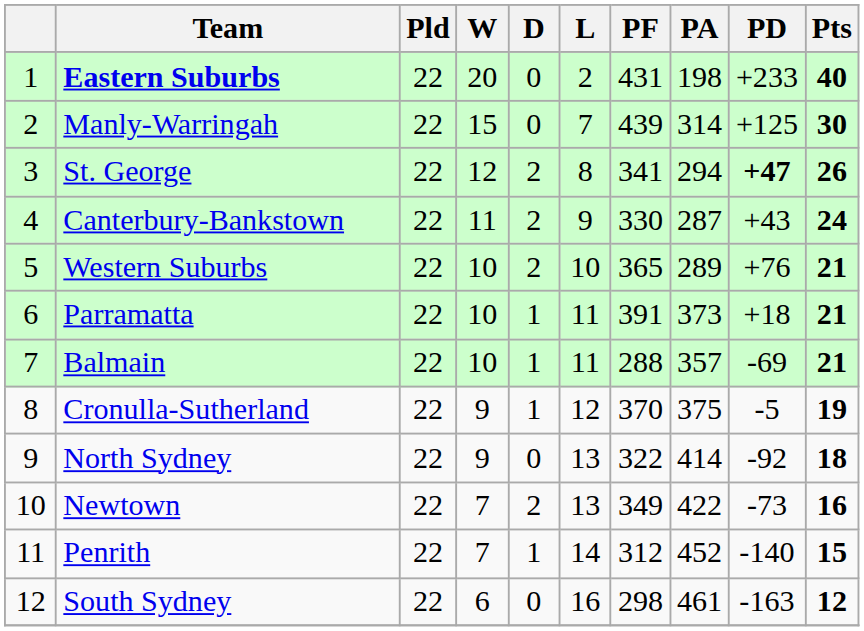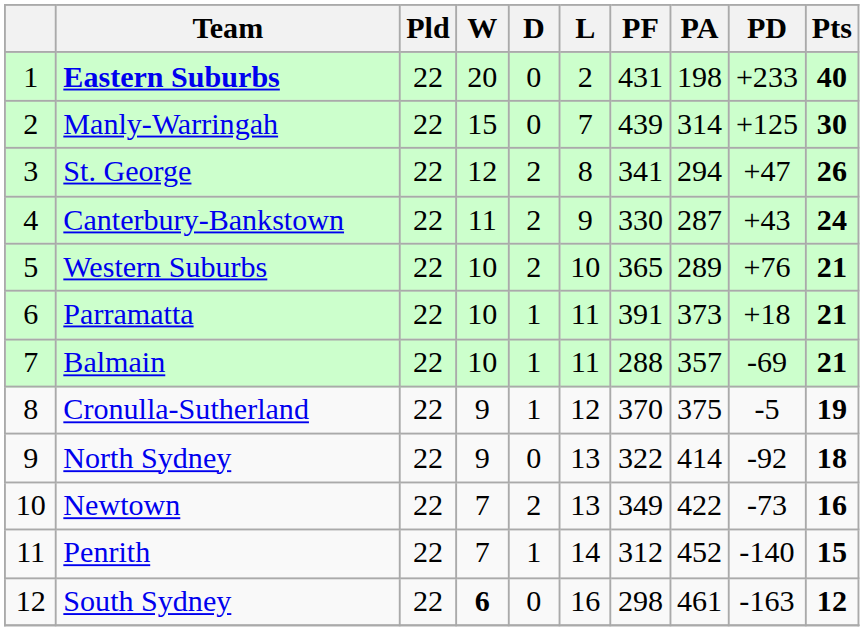 <table class="wikitable sortable" style="text-align:center;">
 <tr>
 <th width=20 abbr="Position×"></th>
 <th width=175>Team</th>
 <th width=20 abbr="Played">Pld</th>
 <th width=20 abbr="Won">W</th>
 <th width=20 abbr="Drawn">D</th>
 <th width=20 abbr="Lost">L</th>
 <th width=20 abbr="Points for">PF</th>
 <th width=20 abbr="Points against">PA</th>
 <th width=20 abbr="Points difference">PD</th>
 <th width=20 abbr="Points">Pts</th>
 </tr>
 <tr style="background: #ccffcc;">
 <td>1</td>
 <td style="text-align:left;"> <strong><a href='#'>Eastern Suburbs</a></strong></td>
 <td>22</td>
 <td>20</td>
 <td>0</td>
 <td>2</td>
 <td>431</td>
 <td>198</td>
 <td>+233</td>
 <td><strong>40</strong></td>
 </tr>
 <tr style="background: #ccffcc;">
 <td>2</td>
 <td style="text-align:left;"> <a href='#'>Manly-Warringah</a></td>
 <td>22</td>
 <td>15</td>
 <td>0</td>
 <td>7</td>
 <td>439</td>
 <td>314</td>
 <td>+125</td>
 <td><strong>30</strong></td>
 </tr>
 <tr style="background: #ccffcc;">
 <td>3</td>
 <td style="text-align:left;"> <a href='#'>St. George</a></td>
 <td>22</td>
 <td>12</td>
 <td>2</td>
 <td>8</td>
 <td>341</td>
 <td>294</td>
-<td><strong>+47</strong></td>
+<td>+47</td>
 <td><strong>26</strong></td>
 </tr>
 <tr style="background: #ccffcc;">
 <td>4</td>
 <td style="text-align:left;"> <a href='#'>Canterbury-Bankstown</a></td>
 <td>22</td>
 <td>11</td>
 <td>2</td>
 <td>9</td>
 <td>330</td>
 <td>287</td>
 <td>+43</td>
 <td><strong>24</strong></td>
 </tr>
 <tr style="background: #ccffcc;">
 <td>5</td>
 <td style="text-align:left;"> <a href='#'>Western Suburbs</a></td>
 <td>22</td>
 <td>10</td>
 <td>2</td>
 <td>10</td>
 <td>365</td>
 <td>289</td>
 <td>+76</td>
 <td><strong>21</strong></td>
 </tr>
 <tr style="background: #ccffcc;">
 <td>6</td>
 <td style="text-align:left;"> <a href='#'>Parramatta</a></td>
 <td>22</td>
 <td>10</td>
 <td>1</td>
 <td>11</td>
 <td>391</td>
 <td>373</td>
 <td>+18</td>
 <td><strong>21</strong></td>
 </tr>
 <tr style="background: #ccffcc;">
 <td>7</td>
 <td style="text-align:left;"> <a href='#'>Balmain</a></td>
 <td>22</td>
 <td>10</td>
 <td>1</td>
 <td>11</td>
 <td>288</td>
 <td>357</td>
 <td>-69</td>
 <td><strong>21</strong></td>
 </tr>
 <tr>
 <td>8</td>
 <td style="text-align:left;"> <a href='#'>Cronulla-Sutherland</a></td>
 <td>22</td>
 <td>9</td>
 <td>1</td>
 <td>12</td>
 <td>370</td>
 <td>375</td>
 <td>-5</td>
 <td><strong>19</strong></td>
 </tr>
 <tr>
 <td>9</td>
 <td style="text-align:left;"> <a href='#'>North Sydney</a></td>
 <td>22</td>
 <td>9</td>
 <td>0</td>
 <td>13</td>
 <td>322</td>
 <td>414</td>
 <td>-92</td>
 <td><strong>18</strong></td>
 </tr>
 <tr>
 <td>10</td>
 <td style="text-align:left;"> <a href='#'>Newtown</a></td>
 <td>22</td>
 <td>7</td>
 <td>2</td>
 <td>13</td>
 <td>349</td>
 <td>422</td>
 <td>-73</td>
 <td><strong>16</strong></td>
 </tr>
 <tr>
 <td>11</td>
 <td style="text-align:left;"> <a href='#'>Penrith</a></td>
 <td>22</td>
 <td>7</td>
 <td>1</td>
 <td>14</td>
 <td>312</td>
 <td>452</td>
 <td>-140</td>
 <td><strong>15</strong></td>
 </tr>
 <tr>
 <td>12</td>
 <td style="text-align:left;"> <a href='#'>South Sydney</a></td>
 <td>22</td>
-<td>6</td>
+<td><strong>6</strong></td>
 <td>0</td>
 <td>16</td>
 <td>298</td>
 <td>461</td>
 <td>-163</td>
 <td><strong>12</strong></td>
 </tr>
 <tr>
 </tr>
 </table>
